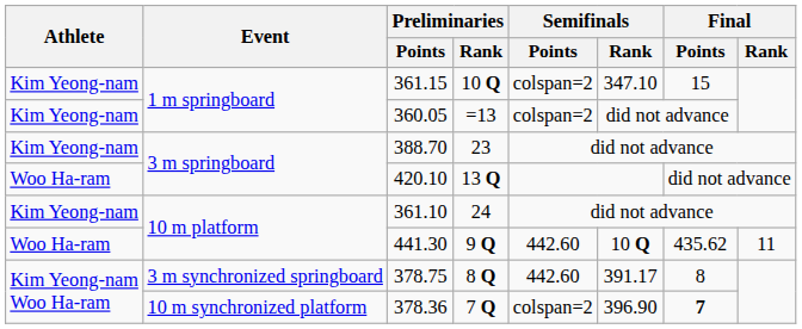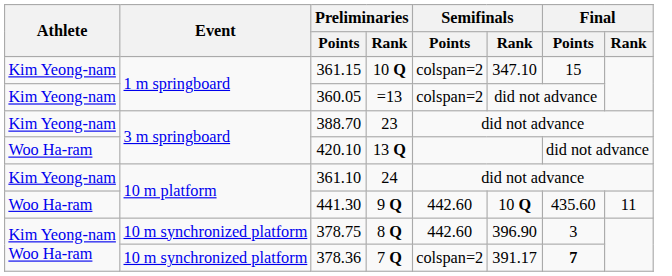 <table class=wikitable style="font-size:90%;">
 <tr>
 <th rowspan="2">Athlete</th>
 <th rowspan="2">Event</th>
 <th colspan="2">Preliminaries</th>
 <th colspan="2">Semifinals</th>
 <th colspan="2">Final</th>
 </tr>
 <tr style="font-size:95%">
 <th>Points</th>
 <th>Rank</th>
 <th>Points</th>
 <th>Rank</th>
 <th>Points</th>
 <th>Rank</th>
 </tr>
 <tr align=center>
 <td align=left><a href='#'>Kim Yeong-nam</a></td>
 <td align=left rowspan=2><a href='#'>1 m springboard</a></td>
 <td>361.15</td>
 <td>10 <strong>Q</strong></td>
 <td>colspan=2 </td>
 <td>347.10</td>
 <td>15</td>
 </tr>
 <tr align=center>
 <td align=left><a href='#'>Kim Yeong-nam</a></td>
 <td>360.05</td>
 <td>=13</td>
 <td>colspan=2 </td>
 <td colspan=2>did not advance</td>
 </tr>
 <tr align=center>
 <td align=left><a href='#'>Kim Yeong-nam</a></td>
 <td align=left rowspan=2><a href='#'>3 m springboard</a></td>
 <td>388.70</td>
 <td>23</td>
 <td colspan=4>did not advance</td>
 </tr>
 <tr align=center>
 <td align=left><a href='#'>Woo Ha-ram</a></td>
 <td>420.10</td>
 <td>13 <strong>Q</strong></td>
 <td colspan=2></td>
 <td colspan=2>did not advance</td>
 </tr>
 <tr align=center>
 <td align=left><a href='#'>Kim Yeong-nam</a></td>
 <td align=left rowspan=2><a href='#'>10 m platform</a></td>
 <td>361.10</td>
 <td>24</td>
 <td colspan=4>did not advance</td>
 </tr>
 <tr align=center>
 <td align=left><a href='#'>Woo Ha-ram</a></td>
 <td>441.30</td>
 <td>9 <strong>Q</strong></td>
 <td>442.60</td>
 <td>10 <strong>Q</strong></td>
-<td>435.62</td>
+<td>435.60</td>
 <td>11</td>
 </tr>
 <tr align=center>
 <td align=left rowspan=2><a href='#'>Kim Yeong-nam</a><br><a href='#'>Woo Ha-ram</a></td>
-<td align=left><a href='#'>3 m synchronized springboard</a></td>
+<td align=left><a href='#'>10 m synchronized platform</a></td>
 <td>378.75</td>
 <td>8 <strong>Q</strong></td>
 <td>442.60</td>
-<td>391.17</td>
-<td>8</td>
+<td>396.90</td>
+<td>3</td>
 </tr>
 <tr align=center>
 <td align=left><a href='#'>10 m synchronized platform</a></td>
 <td>378.36</td>
 <td>7 <strong>Q</strong></td>
 <td>colspan=2 </td>
-<td>396.90</td>
+<td>391.17</td>
 <td><strong>7</strong></td>
 </tr>
 </table>
